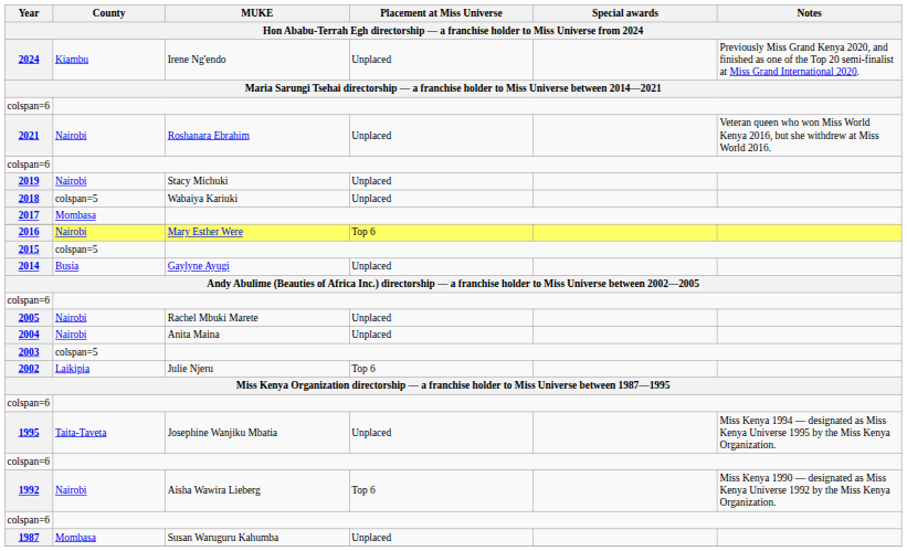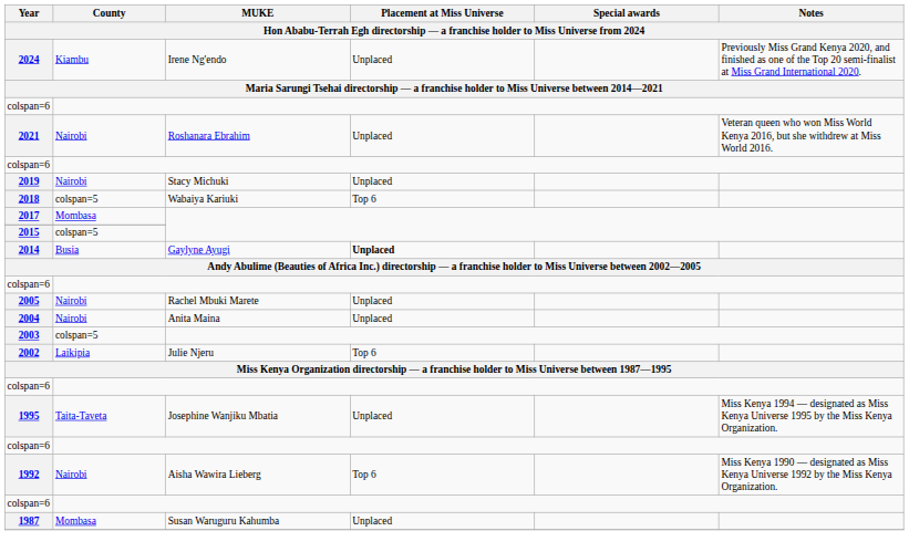 <table class="wikitable " style="font-size: 90%;">
 <tr>
 <th width="60">Year</th>
 <th width="150">County</th>
 <th width="250">MUKE</th>
 <th width="250">Placement at Miss Universe</th>
 <th width="250">Special awards</th>
 <th width="250">Notes</th>
 </tr>
 <tr>
 <th colspan="6">Hon Ababu-Terrah Egh directorship — a franchise holder to Miss Universe from 2024</th>
 </tr>
 <tr>
 <th><a href='#'>2024</a></th>
 <td><a href='#'>Kiambu</a></td>
 <td>Irene Ng'endo</td>
 <td>Unplaced</td>
 <td></td>
 <td>Previously Miss Grand Kenya 2020, and finished as one of the Top 20 semi-finalist at <a href='#'>Miss Grand International 2020</a>.</td>
 </tr>
 <tr>
 <th colspan="6">Maria Sarungi Tsehai directorship — a franchise holder to Miss Universe between 2014―2021</th>
 </tr>
 <tr>
 <td>colspan=6 </td>
 </tr>
 <tr>
 <th><a href='#'>2021</a></th>
 <td><a href='#'>Nairobi</a></td>
 <td><a href='#'>Roshanara Ebrahim</a></td>
 <td>Unplaced</td>
 <td></td>
 <td>Veteran queen who won Miss World Kenya 2016, but she withdrew at Miss World 2016.</td>
 </tr>
 <tr>
 <td>colspan=6 </td>
 </tr>
 <tr>
 <th><a href='#'>2019</a></th>
 <td><a href='#'>Nairobi</a></td>
 <td>Stacy Michuki</td>
 <td>Unplaced</td>
 <td></td>
 <td></td>
 </tr>
 <tr>
 <th><a href='#'>2018</a></th>
 <td>colspan=5 </td>
 <td>Wabaiya Kariuki</td>
-<td>Unplaced</td>
+<td>Top 6</td>
 <td></td>
 <td></td>
 </tr>
 <tr>
 <th><a href='#'>2017</a></th>
 <td><a href='#'>Mombasa</a></td>
 </tr>
 <tr>
 </tr>
-<tr style="background-color:#FFFF66">
-<th><a href='#'>2016</a></th>
-<td><a href='#'>Nairobi</a></td>
-<td><a href='#'>Mary Esther Were</a></td>
-<td>Top 6</td>
-<td></td>
-<td></td>
-</tr>
 <tr>
 <th><a href='#'>2015</a></th>
 <td>colspan=5 </td>
 </tr>
 <tr>
 <th><a href='#'>2014</a></th>
 <td><a href='#'>Busia</a></td>
 <td><a href='#'>Gaylyne Ayugi</a>  </td>
-<td>Unplaced</td>
+<td><strong>Unplaced</strong></td>
 <td></td>
 <td></td>
 </tr>
 <tr>
 <th colspan="6">Andy Abulime (Beauties of Africa Inc.) directorship — a franchise holder to Miss Universe between 2002―2005</th>
 </tr>
 <tr>
 <td>colspan=6 </td>
 </tr>
 <tr>
 <th><a href='#'>2005</a></th>
 <td><a href='#'>Nairobi</a></td>
 <td>Rachel Mbuki Marete</td>
 <td>Unplaced</td>
 <td></td>
 <td></td>
 </tr>
 <tr>
 <th><a href='#'>2004</a></th>
 <td><a href='#'>Nairobi</a></td>
 <td>Anita Maina</td>
 <td>Unplaced</td>
 <td></td>
 <td></td>
 </tr>
 <tr>
 <th><a href='#'>2003</a></th>
 <td>colspan=5 </td>
 </tr>
 <tr>
 <th><a href='#'>2002</a></th>
 <td><a href='#'>Laikipia</a></td>
 <td>Julie Njeru</td>
 <td>Top 6</td>
 <td></td>
 <td></td>
 </tr>
 <tr>
 <th colspan="6">Miss Kenya Organization directorship — a franchise holder to Miss Universe between 1987―1995</th>
 </tr>
 <tr>
 <td>colspan=6 </td>
 </tr>
 <tr>
 <th><a href='#'>1995</a></th>
 <td><a href='#'>Taita-Taveta</a></td>
 <td>Josephine Wanjiku Mbatia</td>
 <td>Unplaced</td>
 <td></td>
 <td>Miss Kenya 1994 — designated as Miss Kenya Universe 1995 by the Miss Kenya Organization.</td>
 </tr>
 <tr>
 <td>colspan=6 </td>
 </tr>
 <tr>
 <th><a href='#'>1992</a></th>
 <td><a href='#'>Nairobi</a></td>
 <td>Aisha Wawira Lieberg</td>
 <td>Top 6</td>
 <td></td>
 <td>Miss Kenya 1990 — designated as Miss Kenya Universe 1992 by the Miss Kenya Organization.</td>
 </tr>
 <tr>
 <td>colspan=6 </td>
 </tr>
 <tr>
 <th><a href='#'>1987</a></th>
 <td><a href='#'>Mombasa</a></td>
 <td>Susan Waruguru Kahumba</td>
 <td>Unplaced</td>
 <td></td>
 <td></td>
 </tr>
 <tr>
 </tr>
 </table>
